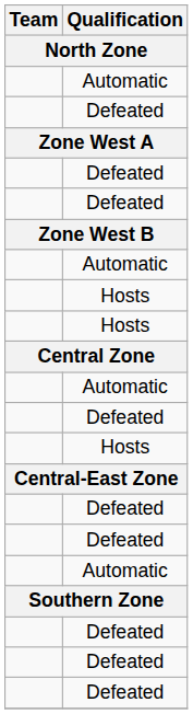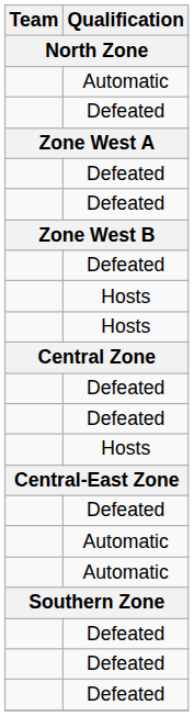 <table class="wikitable">
 <tr>
 <th>Team</th>
 <th>Qualification</th>
 </tr>
 <tr>
 <th colspan=2>North Zone</th>
 </tr>
 <tr>
 <td align=left></td>
 <td align=center>Automatic</td>
 </tr>
 <tr>
 <td align=left></td>
 <td align=center>Defeated </td>
 </tr>
 <tr>
 <th colspan=2>Zone West A</th>
 </tr>
 <tr>
 <td align=left></td>
 <td align=center>Defeated </td>
 </tr>
 <tr>
 <td align=left></td>
 <td align=center>Defeated </td>
 </tr>
 <tr>
 <th colspan=2>Zone West B</th>
 </tr>
 <tr>
 <td align=left></td>
-<td align=center>Automatic</td>
+<td align=center>Defeated </td>
 </tr>
 <tr>
 <td align=left></td>
 <td align=center>Hosts</td>
 </tr>
 <tr>
 <td align=left></td>
 <td align=center>Hosts</td>
 </tr>
 <tr>
 <th colspan=2>Central Zone</th>
 </tr>
 <tr>
 <td align=left></td>
-<td align=center>Automatic</td>
+<td align=center>Defeated </td>
 </tr>
 <tr>
 <td align=left></td>
 <td align=center>Defeated </td>
 </tr>
 <tr>
 <td align=left></td>
 <td align=center>Hosts</td>
 </tr>
 <tr>
 <th colspan=2>Central-East Zone</th>
 </tr>
 <tr>
 <td align=left></td>
 <td align=center>Defeated </td>
 </tr>
 <tr>
 <td align=left></td>
-<td align=center>Defeated </td>
+<td align=center>Automatic</td>
 </tr>
 <tr>
 <td align=left></td>
 <td align=center>Automatic</td>
 </tr>
 <tr>
 <th colspan=2>Southern Zone</th>
 </tr>
 <tr>
 <td align=left></td>
 <td align=center>Defeated </td>
 </tr>
 <tr>
 <td align=left></td>
 <td align=center>Defeated </td>
 </tr>
 <tr>
 <td align=left></td>
 <td align=center>Defeated </td>
 </tr>
 <tr>
 </tr>
 </table>
